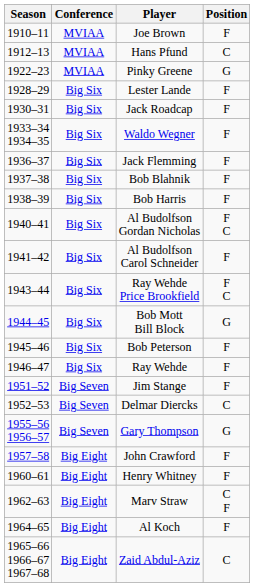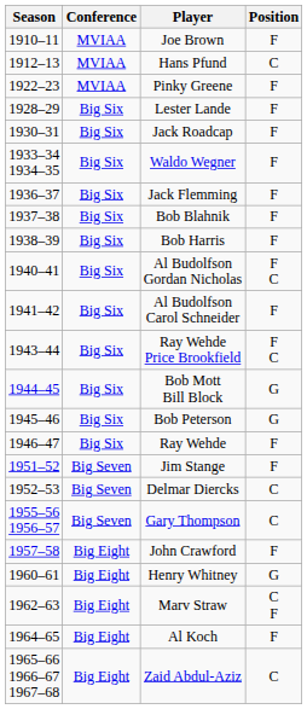 <table class="wikitable" style="text-align: center">
 <tr align=center>
 <th>Season</th>
 <th>Conference</th>
 <th>Player</th>
 <th>Position</th>
 </tr>
 <tr>
 <td>1910–11</td>
 <td><a href='#'>MVIAA</a></td>
 <td>Joe Brown</td>
 <td>F</td>
 </tr>
 <tr>
 <td>1912–13</td>
 <td><a href='#'>MVIAA</a></td>
 <td>Hans Pfund</td>
 <td>C</td>
 </tr>
 <tr>
 <td>1922–23</td>
 <td><a href='#'>MVIAA</a></td>
 <td>Pinky Greene</td>
-<td>G</td>
+<td>F</td>
 </tr>
 <tr>
 <td>1928–29</td>
 <td><a href='#'>Big Six</a></td>
 <td>Lester Lande</td>
 <td>F</td>
 </tr>
 <tr>
 <td>1930–31</td>
 <td><a href='#'>Big Six</a></td>
 <td>Jack Roadcap</td>
 <td>F</td>
 </tr>
 <tr>
 <td>1933–34<br>1934–35</td>
 <td><a href='#'>Big Six</a></td>
 <td><a href='#'>Waldo Wegner</a></td>
 <td>F</td>
 </tr>
 <tr>
 <td>1936–37</td>
 <td><a href='#'>Big Six</a></td>
 <td>Jack Flemming</td>
 <td>F</td>
 </tr>
 <tr>
 <td>1937–38</td>
 <td><a href='#'>Big Six</a></td>
 <td>Bob Blahnik</td>
 <td>F</td>
 </tr>
 <tr>
 <td>1938–39</td>
 <td><a href='#'>Big Six</a></td>
 <td>Bob Harris</td>
 <td>F</td>
 </tr>
 <tr>
 <td>1940–41</td>
 <td><a href='#'>Big Six</a></td>
 <td>Al Budolfson<br>Gordan Nicholas</td>
 <td>F<br>C</td>
 </tr>
 <tr>
 <td>1941–42</td>
 <td><a href='#'>Big Six</a></td>
 <td>Al Budolfson<br>Carol Schneider</td>
 <td>F</td>
 </tr>
 <tr>
 <td>1943–44</td>
 <td><a href='#'>Big Six</a></td>
 <td>Ray Wehde<br><a href='#'>Price Brookfield</a></td>
 <td>F<br>C</td>
 </tr>
 <tr>
 <td><a href='#'>1944–45</a></td>
 <td><a href='#'>Big Six</a></td>
 <td>Bob Mott<br>Bill Block</td>
 <td>G</td>
 </tr>
 <tr>
 <td>1945–46</td>
 <td><a href='#'>Big Six</a></td>
 <td>Bob Peterson</td>
-<td>F</td>
+<td>G</td>
 </tr>
 <tr>
 <td>1946–47</td>
 <td><a href='#'>Big Six</a></td>
 <td>Ray Wehde</td>
 <td>F</td>
 </tr>
 <tr>
 <td><a href='#'>1951–52</a></td>
 <td><a href='#'>Big Seven</a></td>
 <td>Jim Stange</td>
 <td>F</td>
 </tr>
 <tr>
 <td>1952–53</td>
 <td><a href='#'>Big Seven</a></td>
 <td>Delmar Diercks</td>
 <td>C</td>
 </tr>
 <tr>
 <td><a href='#'>1955–56</a><br><a href='#'>1956–57</a></td>
 <td><a href='#'>Big Seven</a></td>
 <td><a href='#'>Gary Thompson</a></td>
-<td>G</td>
+<td>C</td>
 </tr>
 <tr>
 <td><a href='#'>1957–58</a></td>
 <td><a href='#'>Big Eight</a></td>
 <td>John Crawford</td>
 <td>F</td>
 </tr>
 <tr>
 <td>1960–61</td>
 <td><a href='#'>Big Eight</a></td>
 <td>Henry Whitney</td>
-<td>F</td>
+<td>G</td>
 </tr>
 <tr>
 <td>1962–63</td>
 <td><a href='#'>Big Eight</a></td>
 <td>Marv Straw</td>
 <td>C<br>F</td>
 </tr>
 <tr>
 <td>1964–65</td>
 <td><a href='#'>Big Eight</a></td>
 <td>Al Koch</td>
 <td>F</td>
 </tr>
 <tr>
 <td>1965–66<br>1966–67<br>1967–68</td>
 <td><a href='#'>Big Eight</a></td>
 <td><a href='#'>Zaid Abdul-Aziz</a></td>
 <td>C</td>
 </tr>
 </table>
